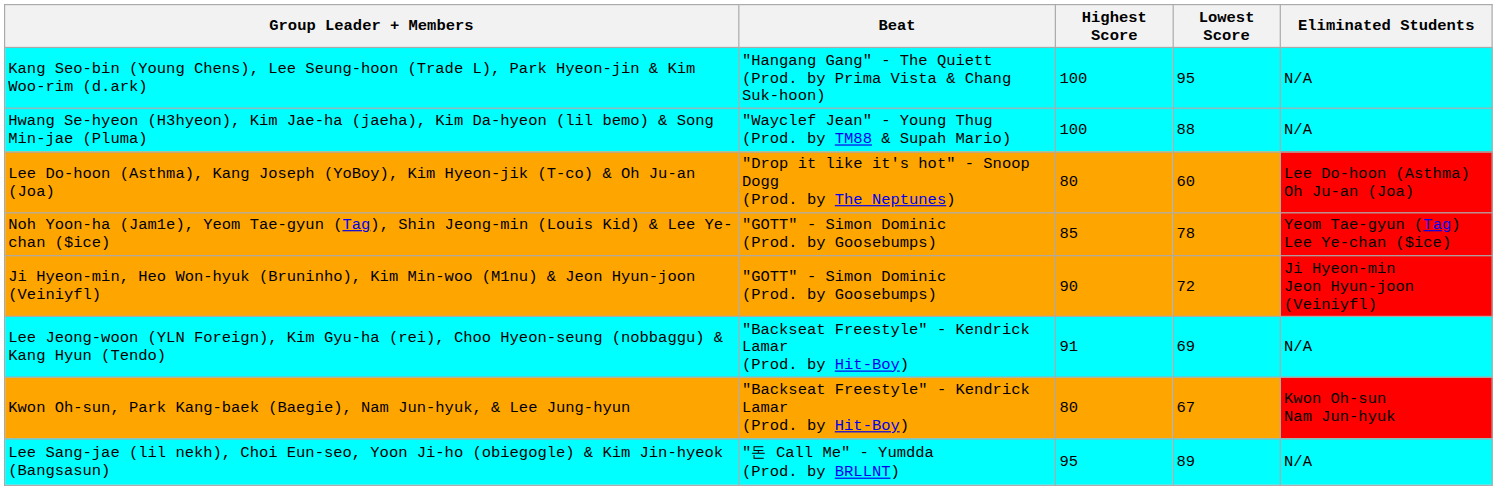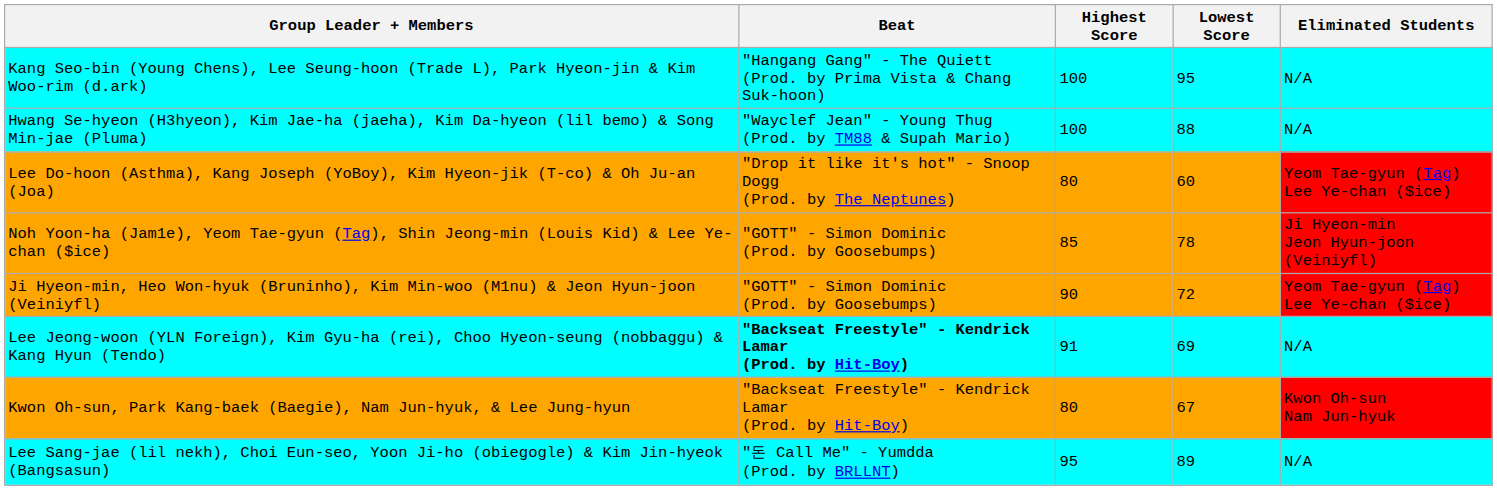 <table class="wikitable sortable mw-collapsible mw-collapsed">
 <tr>
 <th>Group Leader + Members</th>
 <th>Beat</th>
 <th>Highest Score</th>
 <th>Lowest Score</th>
 <th>Eliminated Students</th>
 </tr>
 <tr>
 <td style="background:cyan">Kang Seo-bin (Young Chens), Lee Seung-hoon (Trade L), Park Hyeon-jin & Kim Woo-rim (d.ark)</td>
 <td style="background:cyan">"Hangang Gang" - The Quiett<br>(Prod. by Prima Vista & Chang Suk-hoon)</td>
 <td style="background:cyan">100</td>
 <td style="background:cyan">95</td>
 <td style="background:cyan">N/A</td>
 </tr>
 <tr>
 <td style="background:cyan">Hwang Se-hyeon (H3hyeon), Kim Jae-ha (jaeha), Kim Da-hyeon (lil bemo) & Song Min-jae (Pluma)</td>
 <td style="background:cyan">"Wayclef Jean" - Young Thug<br>(Prod. by <a href='#'>TM88</a> & Supah Mario)</td>
 <td style="background:cyan">100</td>
 <td style="background:cyan">88</td>
 <td style="background:cyan">N/A</td>
 </tr>
 <tr>
 <td style="background:orange">Lee Do-hoon (Asthma), Kang Joseph (YoBoy), Kim Hyeon-jik (T-co) & Oh Ju-an (Joa)</td>
 <td style="background:orange">"Drop it like it's hot" - Snoop Dogg<br>(Prod. by  <a href='#'>The Neptunes</a>)</td>
 <td style="background:orange">80</td>
 <td style="background:orange">60</td>
-<td style="background:red">Lee Do-hoon (Asthma)<br>Oh Ju-an (Joa)</td>
+<td style="background:red">Yeom Tae-gyun (<a href='#'>Tag</a>)<br>Lee Ye-chan ($ice)</td>
 </tr>
 <tr>
 <td style="background:orange">Noh Yoon-ha (Jam1e), Yeom Tae-gyun (<a href='#'>Tag</a>), Shin Jeong-min (Louis Kid) & Lee Ye-chan ($ice)</td>
 <td style="background:orange">"GOTT" - Simon Dominic<br>(Prod. by Goosebumps)</td>
 <td style="background:orange">85</td>
 <td style="background:orange">78</td>
-<td style="background:red">Yeom Tae-gyun (<a href='#'>Tag</a>)<br>Lee Ye-chan ($ice)</td>
+<td style="background:red">Ji Hyeon-min<br>Jeon Hyun-joon (Veiniyfl)</td>
 </tr>
 <tr>
 <td style="background:orange">Ji Hyeon-min, Heo Won-hyuk (Bruninho), Kim Min-woo (M1nu) & Jeon Hyun-joon (Veiniyfl)</td>
 <td style="background:orange">"GOTT" - Simon Dominic<br>(Prod. by Goosebumps)</td>
 <td style="background:orange">90</td>
 <td style="background:orange">72</td>
-<td style="background:red">Ji Hyeon-min<br>Jeon Hyun-joon (Veiniyfl)</td>
+<td style="background:red">Yeom Tae-gyun (<a href='#'>Tag</a>)<br>Lee Ye-chan ($ice)</td>
 </tr>
 <tr>
 <td style="background:cyan">Lee Jeong-woon (YLN Foreign), Kim Gyu-ha (rei), Choo Hyeon-seung (nobbaggu) & Kang Hyun (Tendo)</td>
-<td style="background:cyan">"Backseat Freestyle" - Kendrick Lamar<br>(Prod. by <a href='#'>Hit-Boy</a>)</td>
+<td style="background:cyan"><strong>"Backseat Freestyle" - Kendrick Lamar<br>(Prod. by <a href='#'>Hit-Boy</a>)</strong></td>
 <td style="background:cyan">91</td>
 <td style="background:cyan">69</td>
 <td style="background:cyan">N/A</td>
 </tr>
 <tr>
 <td style="background:orange">Kwon Oh-sun, Park Kang-baek (Baegie), Nam Jun-hyuk, & Lee Jung-hyun</td>
 <td style="background:orange">"Backseat Freestyle" - Kendrick Lamar<br>(Prod. by <a href='#'>Hit-Boy</a>)</td>
 <td style="background:orange">80</td>
 <td style="background:orange">67</td>
 <td style="background:red">Kwon Oh-sun<br>Nam Jun-hyuk</td>
 </tr>
 <tr>
 <td style="background:cyan">Lee Sang-jae (lil nekh), Choi Eun-seo, Yoon Ji-ho (obiegogle) & Kim Jin-hyeok (Bangsasun)</td>
 <td style="background:cyan">"돈 Call Me" - Yumdda<br>(Prod. by <a href='#'>BRLLNT</a>)</td>
 <td style="background:cyan">95</td>
 <td style="background:cyan">89</td>
 <td style="background:cyan">N/A</td>
 </tr>
 </table>
